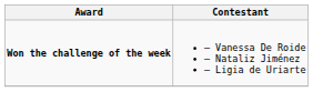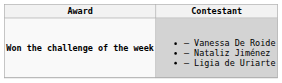 <table class="wikitable" border="1">
 <tr>
 <th>Award</th>
 <th>Contestant</th>
 </tr>
 <tr>
 <td><strong>Won the challenge of the week</strong></td>
-<td><br><ul><li><strong></strong> – Vanessa De Roide</li><li><strong></strong> – Nataliz Jiménez</li><li><strong></strong> – Ligia de Uriarte</li></ul></td>
+<td style="background: lightgrey;"><br><ul><li><strong></strong> – Vanessa De Roide</li><li><strong></strong> – Nataliz Jiménez</li><li><strong></strong> – Ligia de Uriarte</li></ul></td>
 </tr>
 <tr>
 </tr>
 </table>
